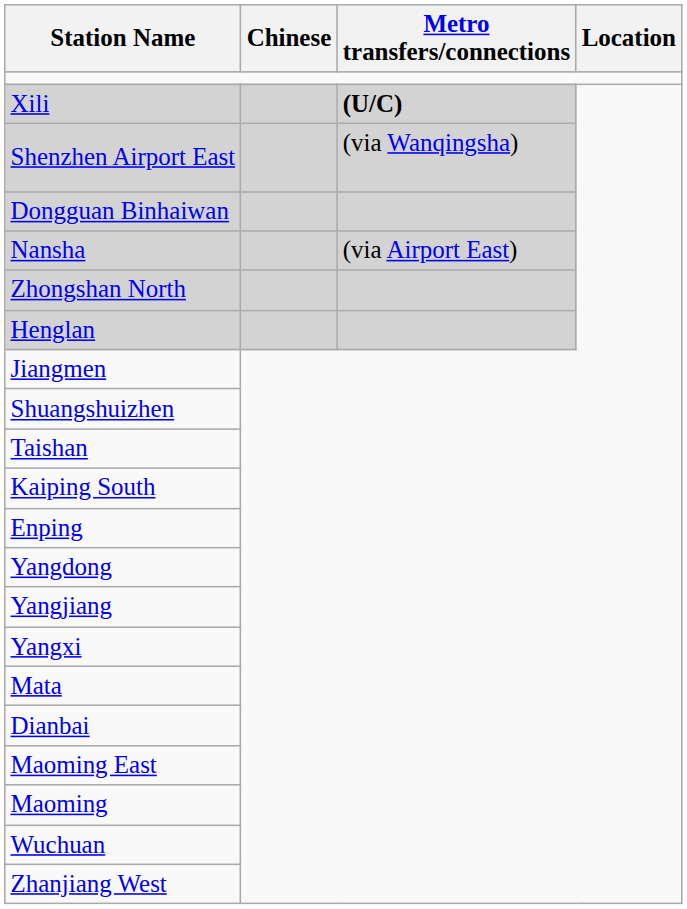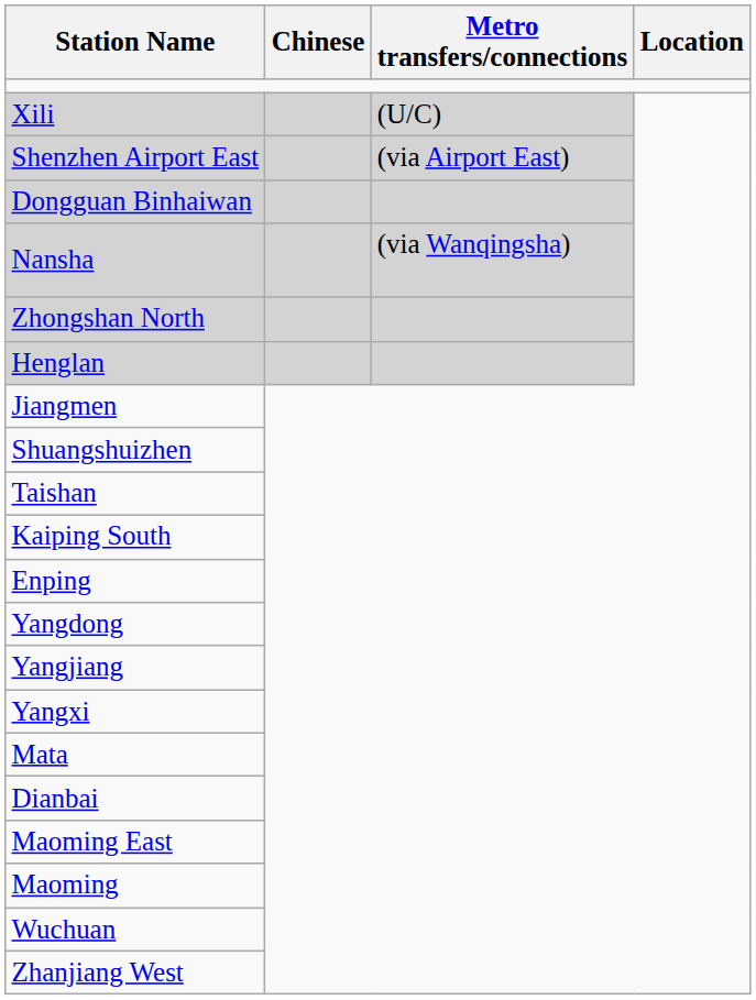 <table class="wikitable">
 <tr>
 <th>Station Name</th>
 <th>Chinese<br> </th>
 <th><a href='#'>Metro</a><br>transfers/connections</th>
 <th>Location</th>
 </tr>
 <tr style="background:#">
 <td colspan = "7"></td>
 </tr>
 <tr bgcolor="lightgrey">
 <td><a href='#'>Xili</a></td>
 <td></td>
-<td><strong>  (U/C)</strong></td>
+<td>  (U/C)</td>
 </tr>
 <tr bgcolor="lightgrey">
 <td><a href='#'>Shenzhen Airport East</a></td>
 <td></td>
-<td>   (via <a href='#'>Wanqingsha</a>)<br><br></td>
+<td>  (via <a href='#'>Airport East</a>)</td>
 </tr>
 <tr bgcolor="lightgrey">
 <td><a href='#'>Dongguan Binhaiwan</a></td>
 <td></td>
 <td></td>
 </tr>
 <tr bgcolor="lightgrey">
 <td><a href='#'>Nansha</a></td>
 <td></td>
-<td>  (via <a href='#'>Airport East</a>)</td>
+<td>   (via <a href='#'>Wanqingsha</a>)<br><br></td>
 </tr>
 <tr bgcolor="lightgrey">
 <td><a href='#'>Zhongshan North</a></td>
 <td></td>
 <td></td>
 </tr>
 <tr bgcolor="lightgrey">
 <td><a href='#'>Henglan</a></td>
 <td></td>
 <td></td>
 </tr>
 <tr>
 <td><a href='#'>Jiangmen</a></td>
 </tr>
 <tr>
 <td><a href='#'>Shuangshuizhen</a></td>
 </tr>
 <tr>
 <td><a href='#'>Taishan</a></td>
 </tr>
 <tr>
 <td><a href='#'>Kaiping South</a></td>
 </tr>
 <tr>
 <td><a href='#'>Enping</a></td>
 </tr>
 <tr>
 <td><a href='#'>Yangdong</a></td>
 </tr>
 <tr>
 <td><a href='#'>Yangjiang</a></td>
 </tr>
 <tr>
 <td><a href='#'>Yangxi</a></td>
 </tr>
 <tr>
 <td><a href='#'>Mata</a></td>
 </tr>
 <tr>
 <td><a href='#'>Dianbai</a></td>
 </tr>
 <tr>
 <td><a href='#'>Maoming East</a></td>
 </tr>
 <tr>
 <td><a href='#'>Maoming</a></td>
 </tr>
 <tr>
 <td><a href='#'>Wuchuan</a></td>
 </tr>
 <tr>
 <td><a href='#'>Zhanjiang West</a></td>
 </tr>
 </table>
